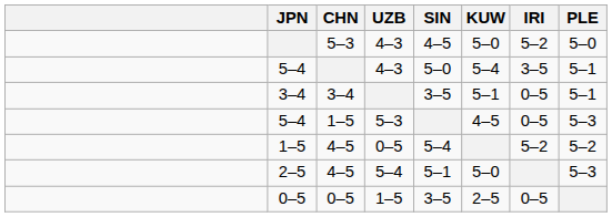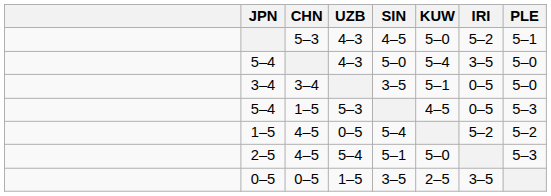 <table class="wikitable" style="text-align:center">
 <tr>
 <th width="250"> </th>
 <th width="40">JPN</th>
 <th width="40">CHN</th>
 <th width="40">UZB</th>
 <th width="40">SIN</th>
 <th width="40">KUW</th>
 <th width="40">IRI</th>
 <th width="40">PLE</th>
 </tr>
 <tr>
 <td align=left></td>
 <th></th>
 <td>5–3</td>
 <td>4–3</td>
 <td>4–5</td>
 <td>5–0</td>
 <td>5–2</td>
-<td>5–0</td>
+<td>5–1</td>
 </tr>
 <tr>
 <td align=left></td>
 <td>5–4</td>
 <th></th>
 <td>4–3</td>
 <td>5–0</td>
 <td>5–4</td>
 <td>3–5</td>
-<td>5–1</td>
+<td>5–0</td>
 </tr>
 <tr>
 <td align=left></td>
 <td>3–4</td>
 <td>3–4</td>
 <th></th>
 <td>3–5</td>
 <td>5–1</td>
 <td>0–5</td>
-<td>5–1</td>
+<td>5–0</td>
 </tr>
 <tr>
 <td align=left></td>
 <td>5–4</td>
 <td>1–5</td>
 <td>5–3</td>
 <th></th>
 <td>4–5</td>
 <td>0–5</td>
 <td>5–3</td>
 </tr>
 <tr>
 <td align=left></td>
 <td>1–5</td>
 <td>4–5</td>
 <td>0–5</td>
 <td>5–4</td>
 <th></th>
 <td>5–2</td>
 <td>5–2</td>
 </tr>
 <tr>
 <td align=left></td>
 <td>2–5</td>
 <td>4–5</td>
 <td>5–4</td>
 <td>5–1</td>
 <td>5–0</td>
 <th></th>
 <td>5–3</td>
 </tr>
 <tr>
 <td align=left></td>
 <td>0–5</td>
 <td>0–5</td>
 <td>1–5</td>
 <td>3–5</td>
 <td>2–5</td>
-<td>0–5</td>
+<td>3–5</td>
 <th></th>
 </tr>
 </table>
